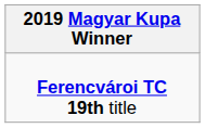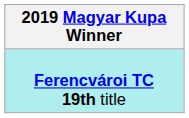 <table class=wikitable style="text-align:center; width:175px; margin:auto">
 <tr>
 <th>2019 <a href='#'>Magyar Kupa</a><br>Winner</th>
 </tr>
 <tr>
-<td><br><strong><a href='#'>Ferencvároi TC</a></strong><br><strong>19th</strong> title</td>
+<td style="background: paleturquoise;"><br><strong><a href='#'>Ferencvároi TC</a></strong><br><strong>19th</strong> title</td>
 </tr>
 </table>
